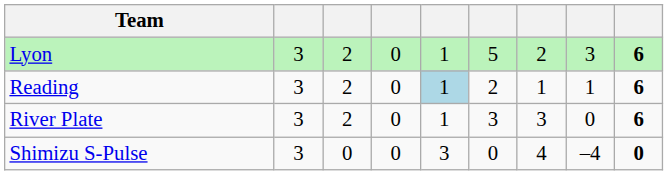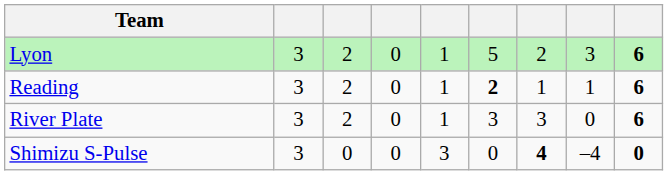 <table class="wikitable" border="1" style="text-align: center;">
 <tr>
 <th width=200>Team</th>
 <th width=30></th>
 <th width=30></th>
 <th width=30></th>
 <th width=30></th>
 <th width=30></th>
 <th width=30></th>
 <th width=30></th>
 <th width=30></th>
 </tr>
 <tr bgcolor=#bbf3bb>
 <td align=left> <a href='#'>Lyon</a></td>
 <td>3</td>
 <td>2</td>
 <td>0</td>
 <td>1</td>
 <td>5</td>
 <td>2</td>
 <td>3</td>
 <td><strong>6</strong></td>
 </tr>
 <tr>
 <td align=left> <a href='#'>Reading</a></td>
 <td>3</td>
 <td>2</td>
 <td>0</td>
-<td style="background: lightblue;">1</td>
-<td>2</td>
+<td>1</td>
+<td><strong>2</strong></td>
 <td>1</td>
 <td>1</td>
 <td><strong>6</strong></td>
 </tr>
 <tr>
 <td align=left> <a href='#'>River Plate</a></td>
 <td>3</td>
 <td>2</td>
 <td>0</td>
 <td>1</td>
 <td>3</td>
 <td>3</td>
 <td>0</td>
 <td><strong>6</strong></td>
 </tr>
 <tr>
 <td align=left> <a href='#'>Shimizu S-Pulse</a></td>
 <td>3</td>
 <td>0</td>
 <td>0</td>
 <td>3</td>
 <td>0</td>
-<td>4</td>
+<td><strong>4</strong></td>
 <td>–4</td>
 <td><strong>0</strong></td>
 </tr>
 </table>
